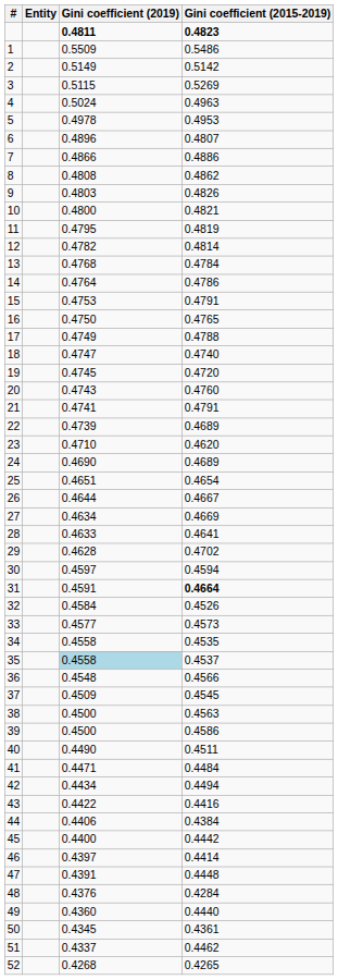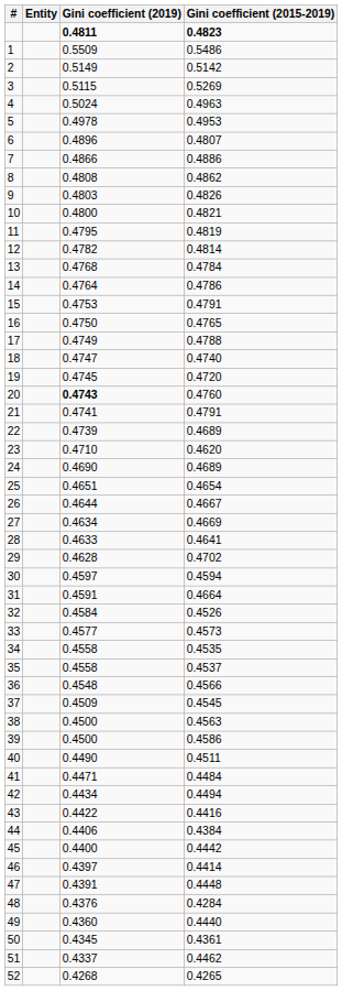 <table class="wikitable sortable">
 <tr>
 <th>#</th>
 <th>Entity</th>
 <th>Gini coefficient (2019)</th>
 <th>Gini coefficient (2015-2019)</th>
 </tr>
 <tr>
 <td></td>
 <td><strong></strong></td>
 <td><strong>0.4811</strong></td>
 <td><strong>0.4823</strong></td>
 </tr>
 <tr>
 <td>1</td>
 <td></td>
 <td>0.5509</td>
 <td>0.5486</td>
 </tr>
 <tr>
 <td>2</td>
 <td></td>
 <td>0.5149</td>
 <td>0.5142</td>
 </tr>
 <tr>
 <td>3</td>
 <td></td>
 <td>0.5115</td>
 <td>0.5269</td>
 </tr>
 <tr>
 <td>4</td>
 <td></td>
 <td>0.5024</td>
 <td>0.4963</td>
 </tr>
 <tr>
 <td>5</td>
 <td></td>
 <td>0.4978</td>
 <td>0.4953</td>
 </tr>
 <tr>
 <td>6</td>
 <td></td>
 <td>0.4896</td>
 <td>0.4807</td>
 </tr>
 <tr>
 <td>7</td>
 <td></td>
 <td>0.4866</td>
 <td>0.4886</td>
 </tr>
 <tr>
 <td>8</td>
 <td></td>
 <td>0.4808</td>
 <td>0.4862</td>
 </tr>
 <tr>
 <td>9</td>
 <td></td>
 <td>0.4803</td>
 <td>0.4826</td>
 </tr>
 <tr>
 <td>10</td>
 <td></td>
 <td>0.4800</td>
 <td>0.4821</td>
 </tr>
 <tr>
 <td>11</td>
 <td></td>
 <td>0.4795</td>
 <td>0.4819</td>
 </tr>
 <tr>
 <td>12</td>
 <td></td>
 <td>0.4782</td>
 <td>0.4814</td>
 </tr>
 <tr>
 <td>13</td>
 <td></td>
 <td>0.4768</td>
 <td>0.4784</td>
 </tr>
 <tr>
 <td>14</td>
 <td></td>
 <td>0.4764</td>
 <td>0.4786</td>
 </tr>
 <tr>
 <td>15</td>
 <td></td>
 <td>0.4753</td>
 <td>0.4791</td>
 </tr>
 <tr>
 <td>16</td>
 <td></td>
 <td>0.4750</td>
 <td>0.4765</td>
 </tr>
 <tr>
 <td>17</td>
 <td></td>
 <td>0.4749</td>
 <td>0.4788</td>
 </tr>
 <tr>
 <td>18</td>
 <td></td>
 <td>0.4747</td>
 <td>0.4740</td>
 </tr>
 <tr>
 <td>19</td>
 <td></td>
 <td>0.4745</td>
 <td>0.4720</td>
 </tr>
 <tr>
 <td>20</td>
 <td></td>
-<td>0.4743</td>
+<td><strong>0.4743</strong></td>
 <td>0.4760</td>
 </tr>
 <tr>
 <td>21</td>
 <td></td>
 <td>0.4741</td>
 <td>0.4791</td>
 </tr>
 <tr>
 <td>22</td>
 <td></td>
 <td>0.4739</td>
 <td>0.4689</td>
 </tr>
 <tr>
 <td>23</td>
 <td></td>
 <td>0.4710</td>
 <td>0.4620</td>
 </tr>
 <tr>
 <td>24</td>
 <td></td>
 <td>0.4690</td>
 <td>0.4689</td>
 </tr>
 <tr>
 <td>25</td>
 <td></td>
 <td>0.4651</td>
 <td>0.4654</td>
 </tr>
 <tr>
 <td>26</td>
 <td></td>
 <td>0.4644</td>
 <td>0.4667</td>
 </tr>
 <tr>
 <td>27</td>
 <td></td>
 <td>0.4634</td>
 <td>0.4669</td>
 </tr>
 <tr>
 <td>28</td>
 <td></td>
 <td>0.4633</td>
 <td>0.4641</td>
 </tr>
 <tr>
 <td>29</td>
 <td></td>
 <td>0.4628</td>
 <td>0.4702</td>
 </tr>
 <tr>
 <td>30</td>
 <td></td>
 <td>0.4597</td>
 <td>0.4594</td>
 </tr>
 <tr>
 <td>31</td>
 <td></td>
 <td>0.4591</td>
-<td><strong>0.4664</strong></td>
+<td>0.4664</td>
 </tr>
 <tr>
 <td>32</td>
 <td></td>
 <td>0.4584</td>
 <td>0.4526</td>
 </tr>
 <tr>
 <td>33</td>
 <td></td>
 <td>0.4577</td>
 <td>0.4573</td>
 </tr>
 <tr>
 <td>34</td>
 <td></td>
 <td>0.4558</td>
 <td>0.4535</td>
 </tr>
 <tr>
 <td>35</td>
 <td></td>
-<td style="background: lightblue;">0.4558</td>
+<td>0.4558</td>
 <td>0.4537</td>
 </tr>
 <tr>
 <td>36</td>
 <td></td>
 <td>0.4548</td>
 <td>0.4566</td>
 </tr>
 <tr>
 <td>37</td>
 <td></td>
 <td>0.4509</td>
 <td>0.4545</td>
 </tr>
 <tr>
 <td>38</td>
 <td></td>
 <td>0.4500</td>
 <td>0.4563</td>
 </tr>
 <tr>
 <td>39</td>
 <td></td>
 <td>0.4500</td>
 <td>0.4586</td>
 </tr>
 <tr>
 <td>40</td>
 <td></td>
 <td>0.4490</td>
 <td>0.4511</td>
 </tr>
 <tr>
 <td>41</td>
 <td></td>
 <td>0.4471</td>
 <td>0.4484</td>
 </tr>
 <tr>
 <td>42</td>
 <td></td>
 <td>0.4434</td>
 <td>0.4494</td>
 </tr>
 <tr>
 <td>43</td>
 <td></td>
 <td>0.4422</td>
 <td>0.4416</td>
 </tr>
 <tr>
 <td>44</td>
 <td></td>
 <td>0.4406</td>
 <td>0.4384</td>
 </tr>
 <tr>
 <td>45</td>
 <td></td>
 <td>0.4400</td>
 <td>0.4442</td>
 </tr>
 <tr>
 <td>46</td>
 <td></td>
 <td>0.4397</td>
 <td>0.4414</td>
 </tr>
 <tr>
 <td>47</td>
 <td></td>
 <td>0.4391</td>
 <td>0.4448</td>
 </tr>
 <tr>
 <td>48</td>
 <td></td>
 <td>0.4376</td>
 <td>0.4284</td>
 </tr>
 <tr>
 <td>49</td>
 <td></td>
 <td>0.4360</td>
 <td>0.4440</td>
 </tr>
 <tr>
 <td>50</td>
 <td></td>
 <td>0.4345</td>
 <td>0.4361</td>
 </tr>
 <tr>
 <td>51</td>
 <td></td>
 <td>0.4337</td>
 <td>0.4462</td>
 </tr>
 <tr>
 <td>52</td>
 <td></td>
 <td>0.4268</td>
 <td>0.4265</td>
 </tr>
 </table>
